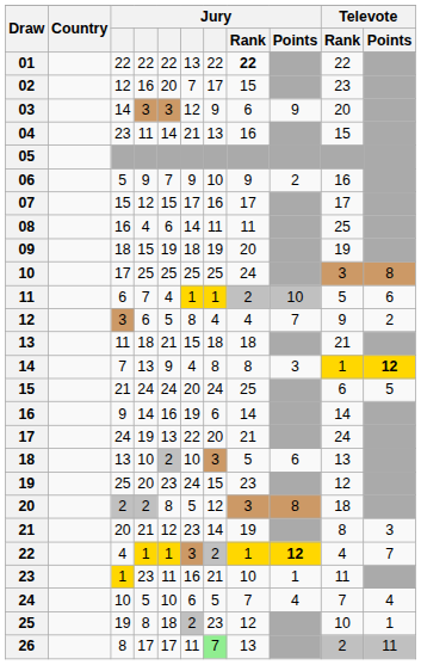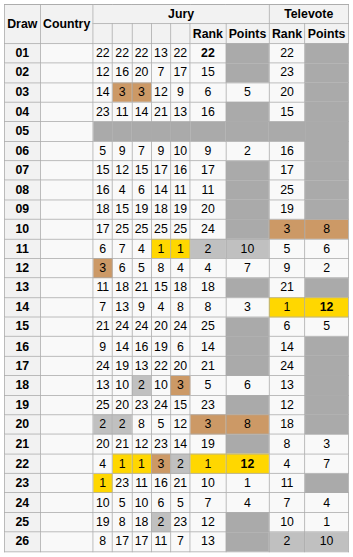 <table class="sortable wikitable collapsible plainrowheaders" style="text-align:center;">
 <tr>
 </tr>
 <tr>
 <th scope="col" rowspan="2">Draw</th>
 <th scope="col" rowspan="2">Country</th>
 <th scope="col" colspan="7">Jury</th>
 <th scope="col" colspan="2">Televote</th>
 </tr>
 <tr>
 <th scope="col"><small></small></th>
 <th scope="col"><small></small></th>
 <th scope="col"><small></small></th>
 <th scope="col"><small></small></th>
 <th scope="col"><small></small></th>
 <th scope="col">Rank</th>
 <th scope="col">Points</th>
 <th scope="col">Rank</th>
 <th scope="col">Points</th>
 </tr>
 <tr>
 <th scope="row" style="text-align:center;">01</th>
 <td style="text-align:left;"></td>
 <td>22</td>
 <td>22</td>
 <td>22</td>
 <td>13</td>
 <td>22</td>
 <td><strong>22</strong></td>
 <td style="background:#AAAAAA;"></td>
 <td>22</td>
 <td style="background:#AAAAAA;"></td>
 </tr>
 <tr>
 <th scope="row" style="text-align:center;">02</th>
 <td style="text-align:left;"></td>
 <td>12</td>
 <td>16</td>
 <td>20</td>
 <td>7</td>
 <td>17</td>
 <td>15</td>
 <td style="background:#AAAAAA;"></td>
 <td>23</td>
 <td style="background:#AAAAAA;"></td>
 </tr>
 <tr>
 <th scope="row" style="text-align:center;">03</th>
 <td style="text-align:left;"></td>
 <td>14</td>
 <td style="background:#CC9966;">3</td>
 <td style="background:#CC9966;">3</td>
 <td>12</td>
 <td>9</td>
 <td>6</td>
-<td>9</td>
+<td>5</td>
 <td>20</td>
 <td style="background:#AAAAAA;"></td>
 </tr>
 <tr>
 <th scope="row" style="text-align:center;">04</th>
 <td style="text-align:left;"></td>
 <td>23</td>
 <td>11</td>
 <td>14</td>
 <td>21</td>
 <td>13</td>
 <td>16</td>
 <td style="background:#AAAAAA;"></td>
 <td>15</td>
 <td style="background:#AAAAAA;"></td>
 </tr>
 <tr class="sortbottom">
 <th scope="row" style="text-align:center;">05</th>
 <td style="text-align:left;"></td>
 <td style="background:#AAAAAA;"></td>
 <td style="background:#AAAAAA;"></td>
 <td style="background:#AAAAAA;"></td>
 <td style="background:#AAAAAA;"></td>
 <td style="background:#AAAAAA;"></td>
 <td style="background:#AAAAAA;"></td>
 <td style="background:#AAAAAA;"></td>
 <td style="background:#AAAAAA;"></td>
 <td style="background:#AAAAAA;"></td>
 </tr>
 <tr>
 <th scope="row" style="text-align:center;">06</th>
 <td style="text-align:left;"></td>
 <td>5</td>
 <td>9</td>
 <td>7</td>
 <td>9</td>
 <td>10</td>
 <td>9</td>
 <td>2</td>
 <td>16</td>
 <td style="background:#AAAAAA;"></td>
 </tr>
 <tr>
 <th scope="row" style="text-align:center;">07</th>
 <td style="text-align:left;"></td>
 <td>15</td>
 <td>12</td>
 <td>15</td>
 <td>17</td>
 <td>16</td>
 <td>17</td>
 <td style="background:#AAAAAA;"></td>
 <td>17</td>
 <td style="background:#AAAAAA;"></td>
 </tr>
 <tr>
 <th scope="row" style="text-align:center;">08</th>
 <td style="text-align:left;"></td>
 <td>16</td>
 <td>4</td>
 <td>6</td>
 <td>14</td>
 <td>11</td>
 <td>11</td>
 <td style="background:#AAAAAA;"></td>
 <td>25</td>
 <td style="background:#AAAAAA;"></td>
 </tr>
 <tr>
 <th scope="row" style="text-align:center;">09</th>
 <td style="text-align:left;"></td>
 <td>18</td>
 <td>15</td>
 <td>19</td>
 <td>18</td>
 <td>19</td>
 <td>20</td>
 <td style="background:#AAAAAA;"></td>
 <td>19</td>
 <td style="background:#AAAAAA;"></td>
 </tr>
 <tr>
 <th scope="row" style="text-align:center;">10</th>
 <td style="text-align:left;"></td>
 <td>17</td>
 <td>25</td>
 <td>25</td>
 <td>25</td>
 <td>25</td>
 <td>24</td>
 <td style="background:#AAAAAA;"></td>
 <td style="background:#CC9966;">3</td>
 <td style="background:#CC9966;">8</td>
 </tr>
 <tr>
 <th scope="row" style="text-align:center;">11</th>
 <td style="text-align:left;"></td>
 <td>6</td>
 <td>7</td>
 <td>4</td>
 <td style="background:gold;">1</td>
 <td style="background:gold;">1</td>
 <td style="background:silver;">2</td>
 <td style="background:silver;">10</td>
 <td>5</td>
 <td>6</td>
 </tr>
 <tr>
 <th scope="row" style="text-align:center;">12</th>
 <td style="text-align:left;"></td>
 <td style="background:#CC9966;">3</td>
 <td>6</td>
 <td>5</td>
 <td>8</td>
 <td>4</td>
 <td>4</td>
 <td>7</td>
 <td>9</td>
 <td>2</td>
 </tr>
 <tr>
 <th scope="row" style="text-align:center;">13</th>
 <td style="text-align:left;"></td>
 <td>11</td>
 <td>18</td>
 <td>21</td>
 <td>15</td>
 <td>18</td>
 <td>18</td>
 <td style="background:#AAAAAA;"></td>
 <td>21</td>
 <td style="background:#AAAAAA;"></td>
 </tr>
 <tr>
 <th scope="row" style="text-align:center;">14</th>
 <td style="text-align:left;"></td>
 <td>7</td>
 <td>13</td>
 <td>9</td>
 <td>4</td>
 <td>8</td>
 <td>8</td>
 <td>3</td>
 <td style="background:gold;">1</td>
 <td style="background:gold;"><strong>12</strong></td>
 </tr>
 <tr>
 <th scope="row" style="text-align:center;">15</th>
 <td style="text-align:left;"></td>
 <td>21</td>
 <td>24</td>
 <td>24</td>
 <td>20</td>
 <td>24</td>
 <td>25</td>
 <td style="background:#AAAAAA;"></td>
 <td>6</td>
 <td>5</td>
 </tr>
 <tr>
 <th scope="row" style="text-align:center;">16</th>
 <td style="text-align:left;"></td>
 <td>9</td>
 <td>14</td>
 <td>16</td>
 <td>19</td>
 <td>6</td>
 <td>14</td>
 <td style="background:#AAAAAA;"></td>
 <td>14</td>
 <td style="background:#AAAAAA;"></td>
 </tr>
 <tr>
 <th scope="row" style="text-align:center;">17</th>
 <td style="text-align:left;"></td>
 <td>24</td>
 <td>19</td>
 <td>13</td>
 <td>22</td>
 <td>20</td>
 <td>21</td>
 <td style="background:#AAAAAA;"></td>
 <td>24</td>
 <td style="background:#AAAAAA;"></td>
 </tr>
 <tr>
 <th scope="row" style="text-align:center;">18</th>
 <td style="text-align:left;"></td>
 <td>13</td>
 <td>10</td>
 <td style="background:silver;">2</td>
 <td>10</td>
 <td style="background:#CC9966;">3</td>
 <td>5</td>
 <td>6</td>
 <td>13</td>
 <td style="background:#AAAAAA;"></td>
 </tr>
 <tr>
 <th scope="row" style="text-align:center;">19</th>
 <td style="text-align:left;"></td>
 <td>25</td>
 <td>20</td>
 <td>23</td>
 <td>24</td>
 <td>15</td>
 <td>23</td>
 <td style="background:#AAAAAA;"></td>
 <td>12</td>
 <td style="background:#AAAAAA;"></td>
 </tr>
 <tr>
 <th scope="row" style="text-align:center;">20</th>
 <td style="text-align:left;"></td>
 <td style="background:silver;">2</td>
 <td style="background:silver;">2</td>
 <td>8</td>
 <td>5</td>
 <td>12</td>
 <td style="background:#CC9966;">3</td>
 <td style="background:#CC9966;">8</td>
 <td>18</td>
 <td style="background:#AAAAAA;"></td>
 </tr>
 <tr>
 <th scope="row" style="text-align:center;">21</th>
 <td style="text-align:left;"></td>
 <td>20</td>
 <td>21</td>
 <td>12</td>
 <td>23</td>
 <td>14</td>
 <td>19</td>
 <td style="background:#AAAAAA;"></td>
 <td>8</td>
 <td>3</td>
 </tr>
 <tr>
 <th scope="row" style="text-align:center;">22</th>
 <td style="text-align:left;"></td>
 <td>4</td>
 <td style="background:gold;">1</td>
 <td style="background:gold;">1</td>
 <td style="background:#CC9966;">3</td>
 <td style="background:silver;">2</td>
 <td style="background:gold;">1</td>
 <td style="background:gold;"><strong>12</strong></td>
 <td>4</td>
 <td>7</td>
 </tr>
 <tr>
 <th scope="row" style="text-align:center;">23</th>
 <td style="text-align:left;"></td>
 <td style="background:gold;">1</td>
 <td>23</td>
 <td>11</td>
 <td>16</td>
 <td>21</td>
 <td>10</td>
 <td>1</td>
 <td>11</td>
 <td style="background:#AAAAAA;"></td>
 </tr>
 <tr>
 <th scope="row" style="text-align:center;">24</th>
 <td style="text-align:left;"></td>
 <td>10</td>
 <td>5</td>
 <td>10</td>
 <td>6</td>
 <td>5</td>
 <td>7</td>
 <td>4</td>
 <td>7</td>
 <td>4</td>
 </tr>
 <tr>
 <th scope="row" style="text-align:center;">25</th>
 <td style="text-align:left;"></td>
 <td>19</td>
 <td>8</td>
 <td>18</td>
 <td style="background:silver;">2</td>
 <td>23</td>
 <td>12</td>
 <td style="background:#AAAAAA;"></td>
 <td>10</td>
 <td>1</td>
 </tr>
 <tr>
 <th scope="row" style="text-align:center;">26</th>
 <td style="text-align:left;"></td>
 <td>8</td>
 <td>17</td>
 <td>17</td>
 <td>11</td>
-<td style="background: lightgreen;">7</td>
+<td>7</td>
 <td>13</td>
 <td style="background:#AAAAAA;"></td>
 <td style="background:silver;">2</td>
-<td style="background:silver;">11</td>
+<td style="background:silver;">10</td>
 </tr>
 </table>
